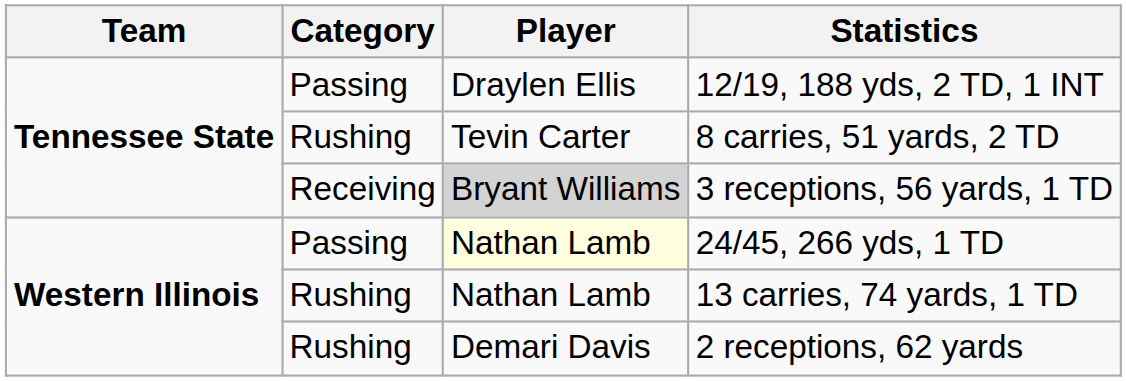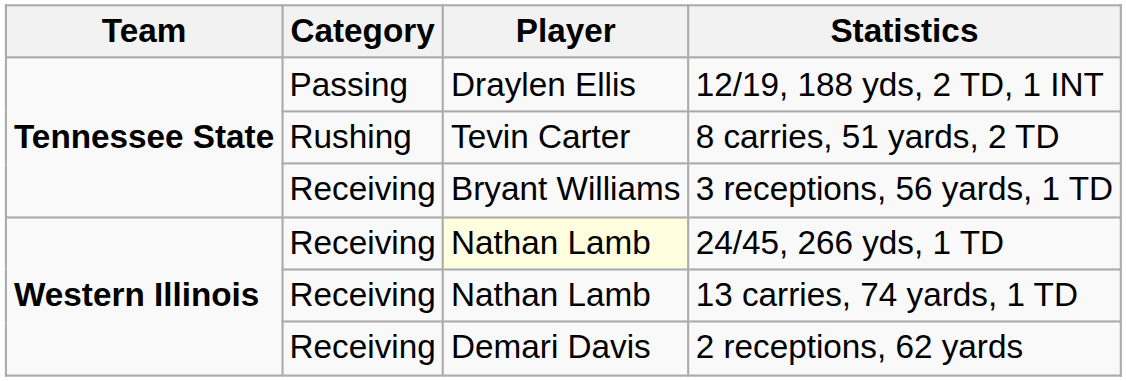 <table class="wikitable" style="float: right;">
 <tr>
 <th>Team</th>
 <th>Category</th>
 <th>Player</th>
 <th>Statistics</th>
 </tr>
 <tr>
 <td rowspan=3><strong>Tennessee State</strong></td>
 <td>Passing</td>
 <td>Draylen Ellis</td>
 <td>12/19, 188 yds, 2 TD, 1 INT</td>
 </tr>
 <tr>
 <td>Rushing</td>
 <td>Tevin Carter</td>
 <td>8 carries, 51 yards, 2 TD</td>
 </tr>
 <tr>
 <td>Receiving</td>
-<td style="background: lightgrey;">Bryant Williams</td>
+<td>Bryant Williams</td>
 <td>3 receptions, 56 yards, 1 TD</td>
 </tr>
 <tr>
 <td rowspan=3><strong>Western Illinois</strong></td>
-<td>Passing</td>
+<td>Receiving</td>
 <td style="background: lightyellow;">Nathan Lamb</td>
 <td>24/45, 266 yds, 1 TD</td>
 </tr>
 <tr>
-<td>Rushing</td>
+<td>Receiving</td>
 <td>Nathan Lamb</td>
 <td>13 carries, 74 yards, 1 TD</td>
 </tr>
 <tr>
-<td>Rushing</td>
+<td>Receiving</td>
 <td>Demari Davis</td>
 <td>2 receptions, 62 yards</td>
 </tr>
 </table>
